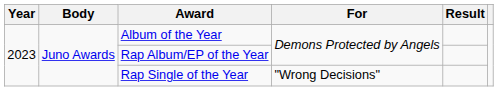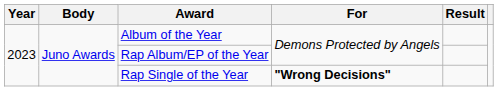 <table class="wikitable">
 <tr>
 <th>Year</th>
 <th>Body</th>
 <th>Award</th>
 <th>For</th>
 <th>Result</th>
 <th></th>
 </tr>
 <tr>
 <td rowspan=3>2023</td>
 <td rowspan=3><a href='#'>Juno Awards</a></td>
 <td><a href='#'>Album of the Year</a></td>
 <td rowspan=2><em>Demons Protected by Angels</em></td>
 <td></td>
 <td rowspan=3></td>
 </tr>
 <tr>
 <td><a href='#'>Rap Album/EP of the Year</a></td>
 <td></td>
 </tr>
 <tr>
 <td><a href='#'>Rap Single of the Year</a></td>
-<td>"Wrong Decisions"</td>
+<td><strong>"Wrong Decisions"</strong></td>
 <td></td>
 </tr>
 </table>
